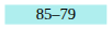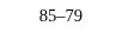 <table style="text-align:center">
 <tr>
 <th width=200></th>
 <th width=100></th>
 <th width=200></th>
 <th></th>
 </tr>
 <tr>
 <td align=right><strong></strong></td>
-<td style="background: paleturquoise;">85–79</td>
+<td>85–79</td>
 <td align=left></td>
 </tr>
 </table>
